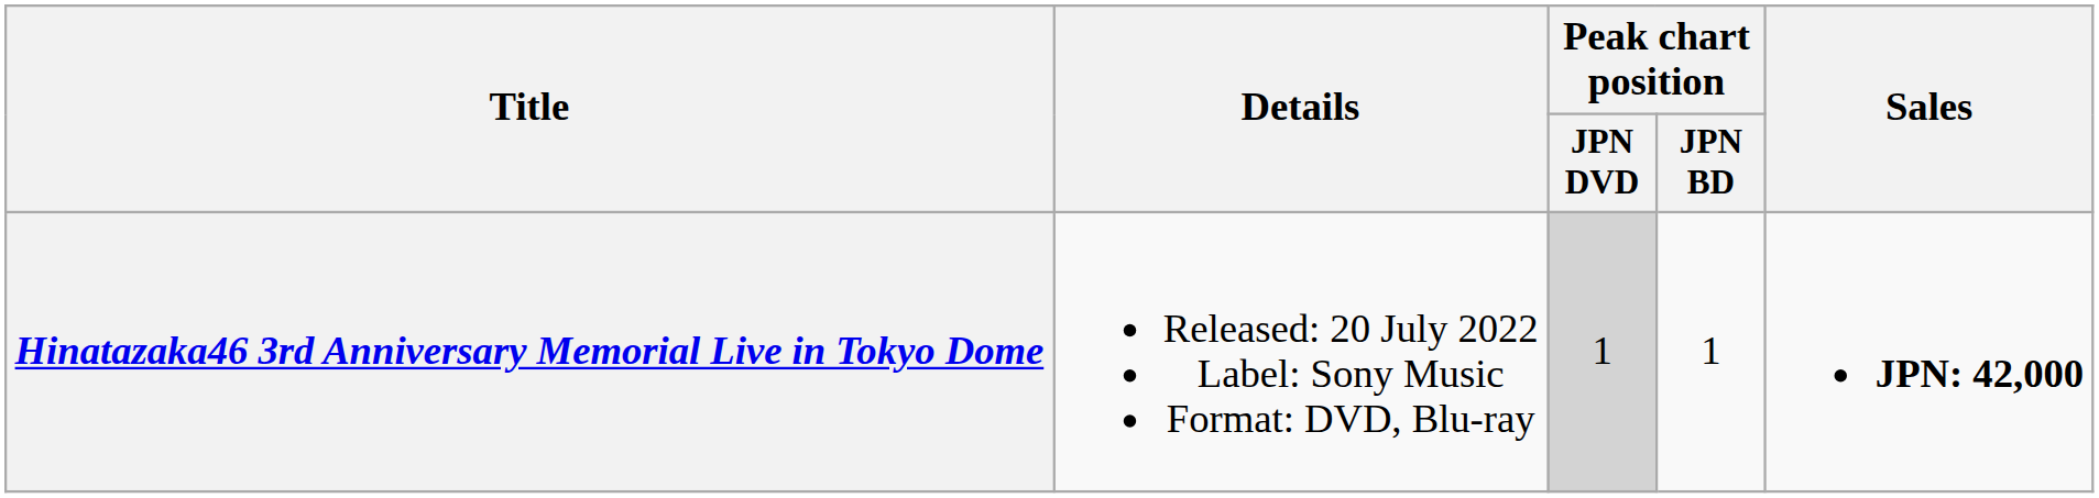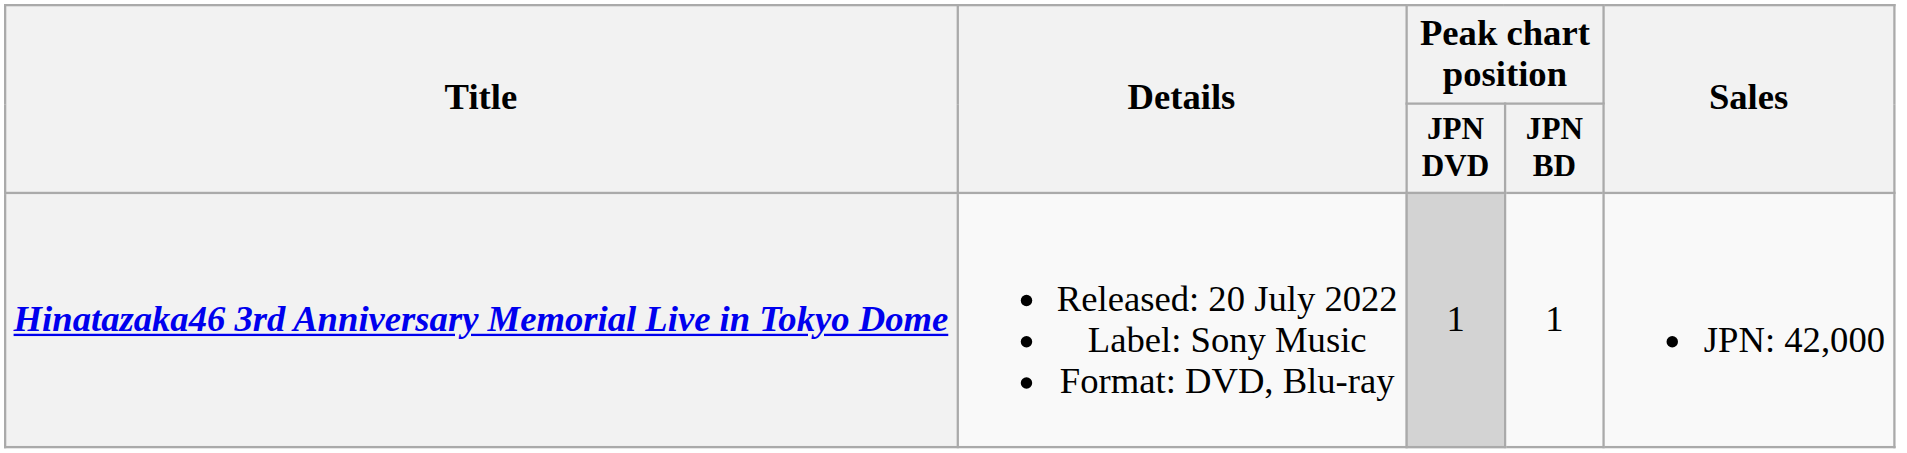 <table class="wikitable plainrowheaders" style="text-align:center;">
 <tr>
 <th scope="col" rowspan="2">Title</th>
 <th scope="col" rowspan="2">Details</th>
 <th scope="col" colspan="2">Peak chart<br>position</th>
 <th scope="col" rowspan="2">Sales<br></th>
 </tr>
 <tr>
 <th style="width:2.7em;font-size:85%;">JPN<br>DVD<br></th>
 <th style="width:2.7em;font-size:85%;">JPN<br>BD<br></th>
 </tr>
 <tr>
 <th scope="row"><em><a href='#'>Hinatazaka46 3rd Anniversary Memorial Live in Tokyo Dome</a></em></th>
 <td><br><ul><li>Released: 20 July 2022</li><li>Label: Sony Music</li><li>Format: DVD, Blu-ray</li></ul></td>
 <td style="background: lightgrey;">1</td>
 <td>1</td>
-<td><strong><br><ul><li>JPN: 42,000</li></ul></strong></td>
+<td><br><ul><li>JPN: 42,000</li></ul></td>
 </tr>
 </table>
